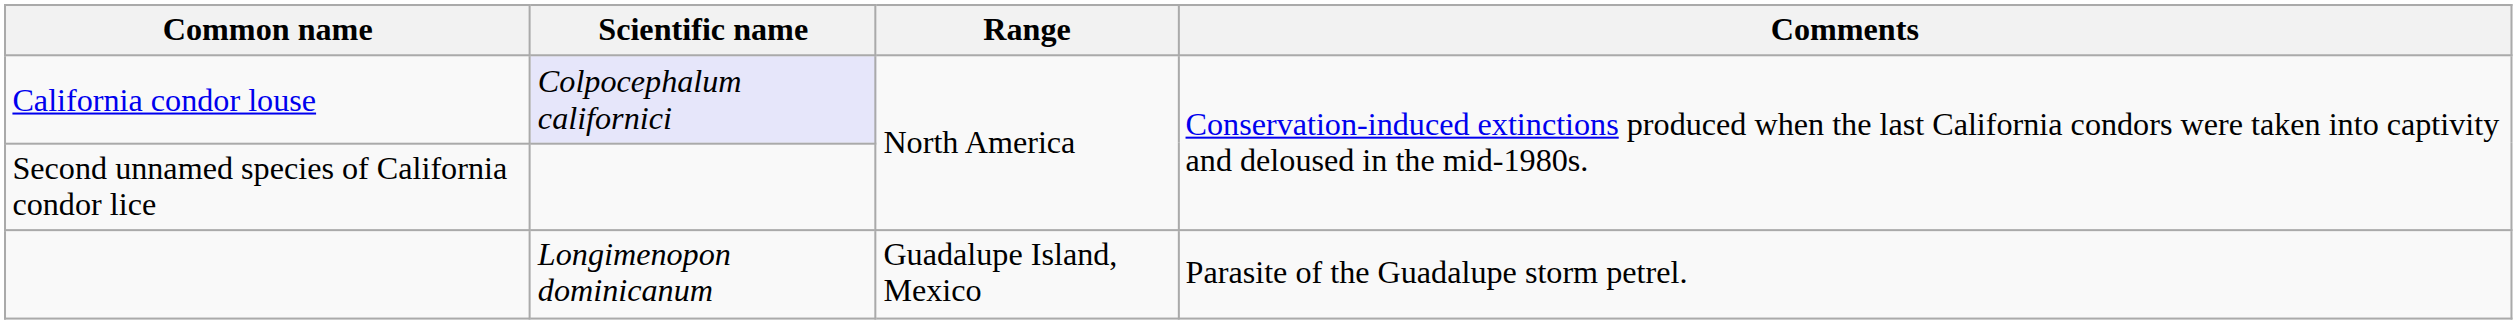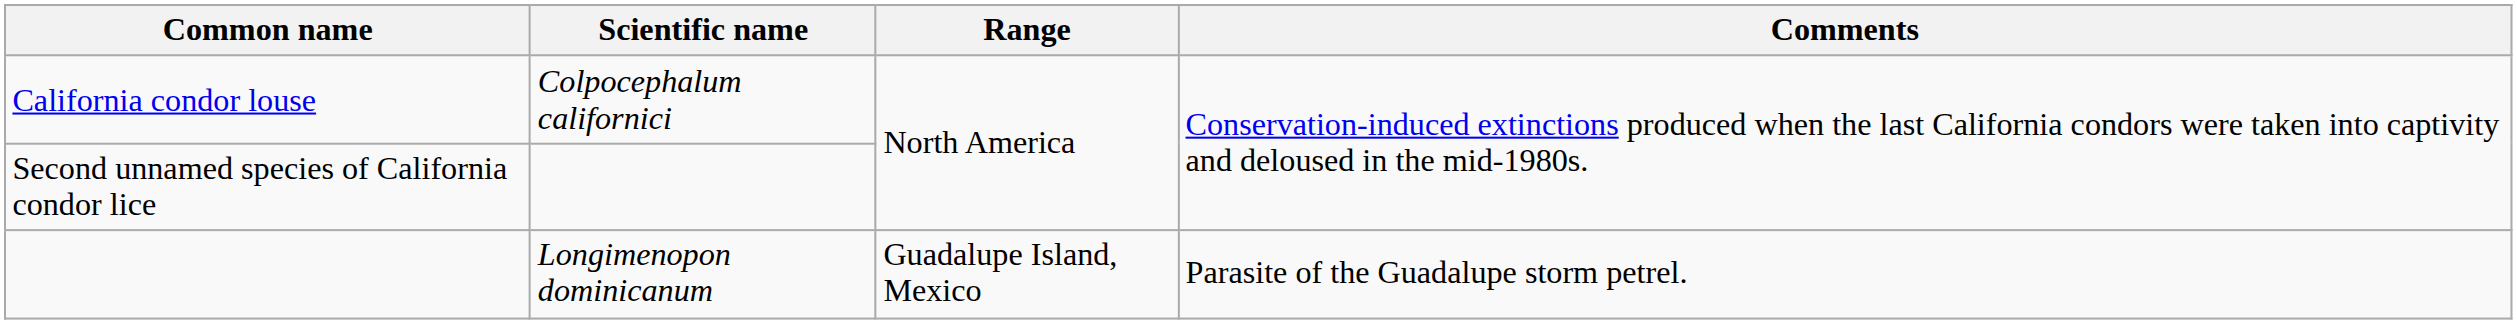 <table class="wikitable">
 <tr>
 <th>Common name</th>
 <th>Scientific name</th>
 <th>Range</th>
 <th class="unsortable">Comments</th>
 </tr>
 <tr>
 <td><a href='#'>California condor louse</a></td>
-<td style="background: lavender;"><em>Colpocephalum californici</em></td>
+<td><em>Colpocephalum californici</em></td>
 <td rowspan="2">North America</td>
 <td rowspan="2"><a href='#'>Conservation-induced extinctions</a> produced when the last California condors were taken into captivity and deloused in the mid-1980s.</td>
 </tr>
 <tr>
 <td>Second unnamed species of California condor lice</td>
 <td></td>
 </tr>
 <tr>
 <td></td>
 <td><em>Longimenopon dominicanum</em></td>
 <td>Guadalupe Island, Mexico</td>
 <td>Parasite of the Guadalupe storm petrel.</td>
 </tr>
 </table>
